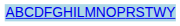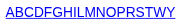 <table id="toc" class="toc" summary="Class">
 <tr>
 <th></th>
 </tr>
 <tr>
-<td style="background: lightblue; text-align:center;"><a href='#'>A</a><a href='#'>B</a><a href='#'>C</a><a href='#'>D</a><a href='#'>F</a><a href='#'>G</a><a href='#'>H</a><a href='#'>I</a><a href='#'>L</a><a href='#'>M</a><a href='#'>N</a><a href='#'>O</a><a href='#'>P</a><a href='#'>R</a><a href='#'>S</a><a href='#'>T</a><a href='#'>W</a><a href='#'>Y</a></td>
+<td style="text-align:center;"><a href='#'>A</a><a href='#'>B</a><a href='#'>C</a><a href='#'>D</a><a href='#'>F</a><a href='#'>G</a><a href='#'>H</a><a href='#'>I</a><a href='#'>L</a><a href='#'>M</a><a href='#'>N</a><a href='#'>O</a><a href='#'>P</a><a href='#'>R</a><a href='#'>S</a><a href='#'>T</a><a href='#'>W</a><a href='#'>Y</a></td>
 </tr>
 </table>
